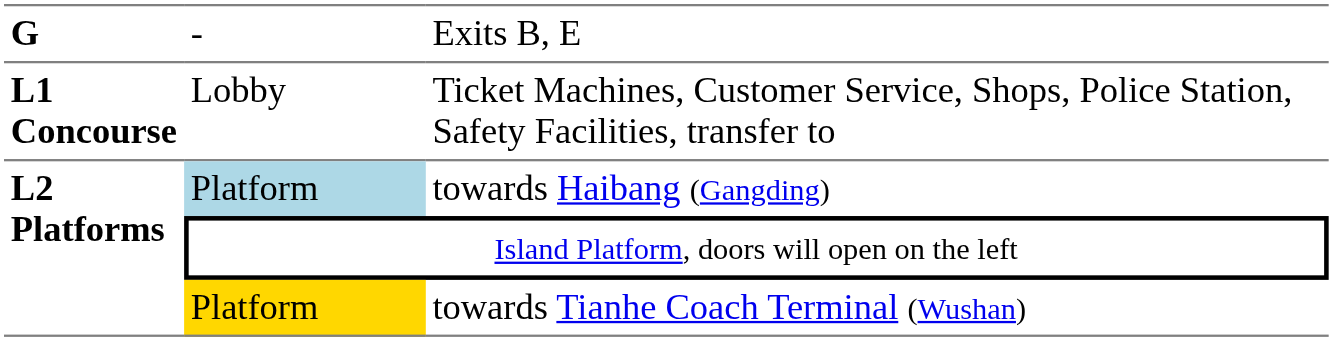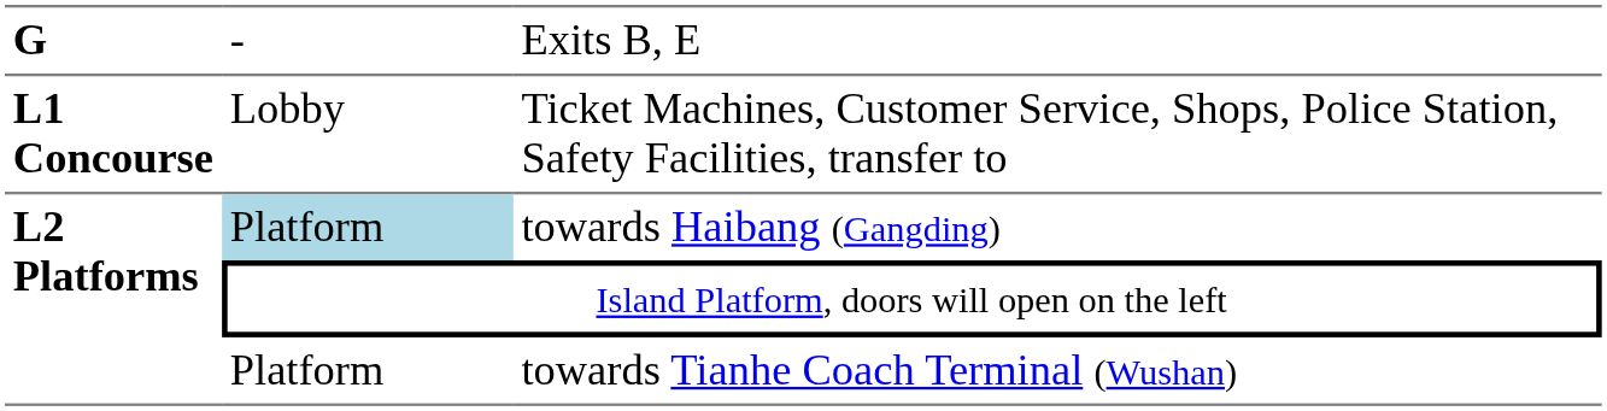 <table table border=0 cellspacing=0 cellpadding=3>
 <tr>
 <td style="border-top:solid 1px gray;" width=50 valign=top><strong>G</strong></td>
 <td style="border-top:solid 1px gray;" width=100 valign=top>-</td>
 <td style="border-top:solid 1px gray;" width=390 valign=top>Exits B, E</td>
 </tr>
 <tr>
 <td style="border-bottom:solid 1px gray; border-top:solid 1px gray;" valign=top width=50><strong>L1<br>Concourse</strong></td>
 <td style="border-bottom:solid 1px gray; border-top:solid 1px gray;" valign=top width=100>Lobby</td>
 <td style="border-bottom:solid 1px gray; border-top:solid 1px gray;" valign=top width=390>Ticket Machines, Customer Service, Shops, Police Station, Safety Facilities, transfer to </td>
 </tr>
 <tr>
 <td style="border-bottom:solid 1px gray;" rowspan=3 valign=top><strong>L2<br>Platforms</strong></td>
 <td style="background: lightblue;">Platform </td>
 <td>  towards <a href='#'>Haibang</a> <small>(<a href='#'>Gangding</a>)</small></td>
 </tr>
 <tr>
 <td style="border-right:solid 2px black;border-left:solid 2px black;border-top:solid 2px black;border-bottom:solid 2px black;text-align:center;" colspan=2><small><a href='#'>Island Platform</a>, doors will open on the left</small></td>
 </tr>
 <tr>
-<td style="background: gold; border-bottom:solid 1px gray;">Platform </td>
+<td style="border-bottom:solid 1px gray;">Platform </td>
 <td style="border-bottom:solid 1px gray;">  towards <a href='#'>Tianhe Coach Terminal</a> <small>(<a href='#'>Wushan</a>)</small> </td>
 </tr>
 </table>
